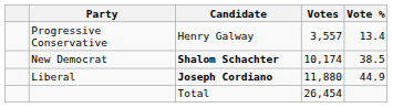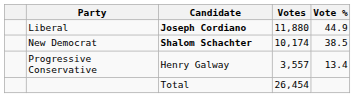 <table class="wikitable">
 <tr>
 <th></th>
 <th scope="col" width="175">Party</th>
 <th scope="col" width="150">Candidate</th>
 <th>Votes</th>
 <th>Vote %</th>
+</tr>
+<tr>
+<td>   </td>
+<td>Liberal</td>
+<td><strong>Joseph Cordiano</strong></td>
+<td align=right>11,880</td>
+<td align=right>44.9</td>
+</tr>
+<tr |>
+<td>   </td>
+<td>New Democrat</td>
+<td><strong>Shalom Schachter</strong></td>
+<td align=right>10,174</td>
+<td align=right>38.5</td>
 </tr>
 <tr |>
 <td>   </td>
 <td>Progressive Conservative</td>
 <td>Henry Galway</td>
 <td align=right>3,557</td>
 <td align=right>13.4<br> </td>
 </tr>
 <tr |>
-<td>   </td>
-<td>New Democrat</td>
-<td><strong>Shalom Schachter</strong></td>
-<td align=right>10,174</td>
-<td align=right>38.5</td>
-</tr>
-<tr>
-<td>   </td>
-<td>Liberal</td>
-<td><strong>Joseph Cordiano</strong></td>
-<td align=right>11,880</td>
-<td align=right>44.9</td>
-</tr>
-<tr |>
 <td></td>
 <td></td>
 <td>Total</td>
 <td align=right>26,454</td>
 <td></td>
 </tr>
 </table>
